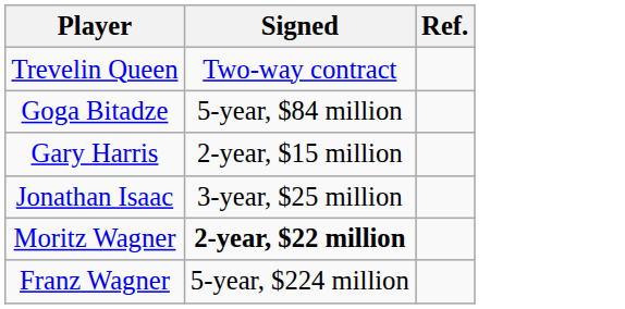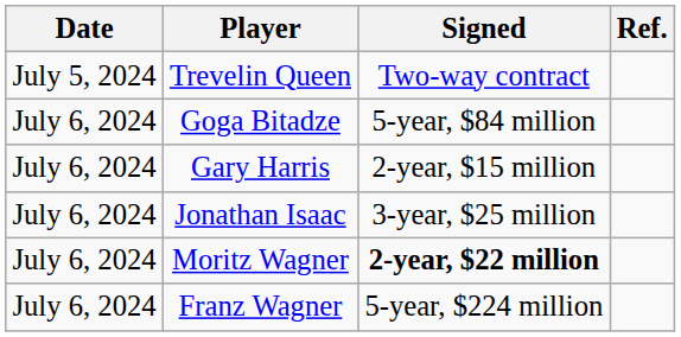 <table class="wikitable sortable sortable" style="text-align: center">
 <tr>
+<th>Date</th>
 <th>Player</th>
 <th>Signed</th>
 <th>Ref.</th>
 </tr>
 <tr>
+<td>July 5, 2024</td>
 <td><a href='#'>Trevelin Queen</a></td>
 <td><a href='#'>Two-way contract</a></td>
 <td></td>
 </tr>
 <tr>
+<td>July 6, 2024</td>
 <td><a href='#'>Goga Bitadze</a></td>
 <td>5-year, $84 million</td>
 <td></td>
 </tr>
 <tr>
+<td>July 6, 2024</td>
 <td><a href='#'>Gary Harris</a></td>
 <td>2-year, $15 million</td>
 <td></td>
 </tr>
 <tr>
+<td>July 6, 2024</td>
 <td><a href='#'>Jonathan Isaac</a></td>
 <td>3-year, $25 million</td>
 <td></td>
 </tr>
 <tr>
+<td>July 6, 2024</td>
 <td><a href='#'>Moritz Wagner</a></td>
 <td><strong>2-year, $22 million</strong></td>
 <td></td>
 </tr>
 <tr>
+<td>July 6, 2024</td>
 <td><a href='#'>Franz Wagner</a></td>
 <td>5-year, $224 million</td>
 <td></td>
 </tr>
 </table>
